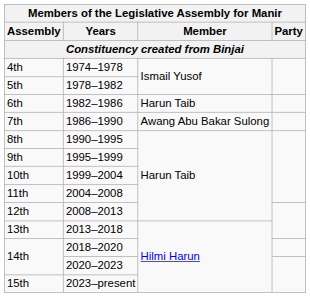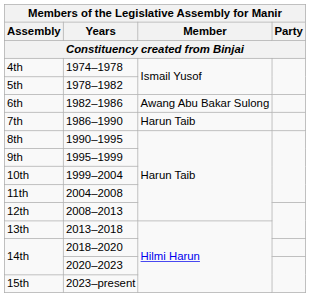 <table class=wikitable>
 <tr>
 <th colspan=4>Members of the Legislative Assembly for Manir</th>
 </tr>
 <tr>
 <th>Assembly</th>
 <th>Years</th>
 <th>Member</th>
 <th>Party</th>
 </tr>
 <tr>
 <th colspan=4 align=center><em>Constituency created from Binjai</em></th>
 </tr>
 <tr>
 <td>4th</td>
 <td>1974–1978</td>
 <td rowspan=2>Ismail Yusof</td>
 <td rowspan=2></td>
 </tr>
 <tr>
 <td>5th</td>
 <td>1978–1982</td>
 </tr>
 <tr>
 <td>6th</td>
 <td>1982–1986</td>
-<td>Harun Taib</td>
+<td>Awang Abu Bakar Sulong</td>
 <td></td>
 </tr>
 <tr>
 <td>7th</td>
 <td>1986–1990</td>
-<td>Awang Abu Bakar Sulong</td>
+<td>Harun Taib</td>
 <td></td>
 </tr>
 <tr>
 <td>8th</td>
 <td>1990–1995</td>
 <td rowspan=5>Harun Taib</td>
 <td rowspan=4></td>
 </tr>
 <tr>
 <td>9th</td>
 <td>1995–1999</td>
 </tr>
 <tr>
 <td>10th</td>
 <td>1999–2004</td>
 </tr>
 <tr>
 <td>11th</td>
 <td>2004–2008</td>
 </tr>
 <tr>
 <td>12th</td>
 <td>2008–2013</td>
 <td rowspan=2></td>
 </tr>
 <tr>
 <td>13th</td>
 <td>2013–2018</td>
 <td rowspan=4><a href='#'>Hilmi Harun</a></td>
 </tr>
 <tr>
 <td rowspan=2>14th</td>
 <td>2018–2020</td>
 <td></td>
 </tr>
 <tr>
 <td>2020–2023</td>
 <td rowspan="2"></td>
 </tr>
 <tr>
 <td>15th</td>
 <td>2023–present</td>
 </tr>
 </table>
